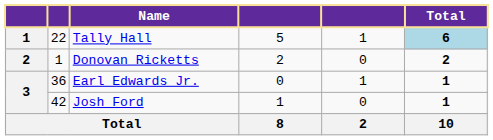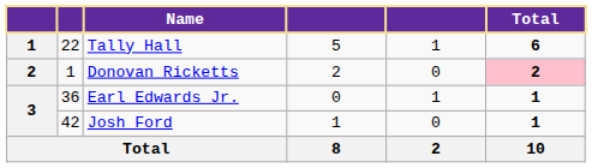 <table class="wikitable" style="text-align:center;">
 <tr>
 <th style="background:#5E299A; color:white; border:2px solid #F8E196; width:35px;"></th>
 <th style="background:#5E299A; color:white; border:2px solid #F8E196; width=35px;"></th>
 <th scope="col" style="background:#5E299A; color:white; border:2px solid #F8E196; width:160px;">Name</th>
 <th style="background:#5E299A; color:white; border:2px solid #F8E196; width:75px;"></th>
 <th style="background:#5E299A; color:white; border:2px solid #F8E196; width:75px;"></th>
 <th style="background:#5E299A; color:white; border:2px solid #F8E196; width:75px;">Total</th>
 </tr>
 <tr>
 <th>1</th>
 <td>22</td>
 <td align="left"> <a href='#'>Tally Hall</a></td>
 <td>5</td>
 <td>1</td>
-<td style="background: lightblue;"><strong>6</strong></td>
+<td><strong>6</strong></td>
 </tr>
 <tr>
 <th>2</th>
 <td>1</td>
 <td align="left"> <a href='#'>Donovan Ricketts</a></td>
 <td>2</td>
 <td>0</td>
-<td><strong>2</strong></td>
+<td style="background: pink;"><strong>2</strong></td>
 </tr>
 <tr>
 <th rowspan=2>3</th>
 <td>36</td>
 <td align="left"> <a href='#'>Earl Edwards Jr.</a></td>
 <td>0</td>
 <td>1</td>
 <td><strong>1</strong></td>
 </tr>
 <tr>
 <td>42</td>
 <td align="left"> <a href='#'>Josh Ford</a></td>
 <td>1</td>
 <td>0</td>
 <td><strong>1</strong></td>
 </tr>
 <tr>
 <th colspan="3">Total</th>
 <th>8</th>
 <th>2</th>
 <th>10</th>
 </tr>
 </table>
